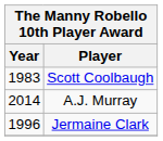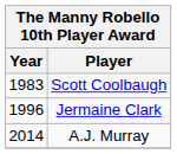 <table class="wikitable" style="display: inline-table; margin-right: 20px; text-align:center">
 <tr>
 <th scope="col" colspan="2" style="width: 145px;">The Manny Robello 10th Player Award</th>
 </tr>
 <tr>
 <th scope="col">Year</th>
 <th scope="col">Player</th>
 </tr>
 <tr>
 <td>1983</td>
 <td><a href='#'>Scott Coolbaugh</a></td>
 </tr>
 <tr>
+<td>1996</td>
+<td><a href='#'>Jermaine Clark</a></td>
+</tr>
+<tr>
 <td>2014</td>
 <td>A.J. Murray</td>
 </tr>
 <tr>
-<td>1996</td>
-<td><a href='#'>Jermaine Clark</a></td>
-</tr>
-<tr>
 </tr>
 </table>
